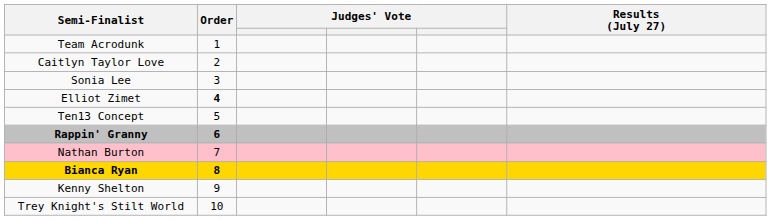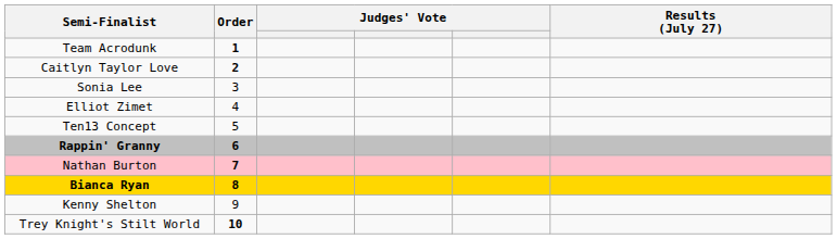 <table class="wikitable plainrowheaders sortable" style="text-align:center;">
 <tr>
 <th scope="col" rowspan="2" class="unsortable" style="width:17em;">Semi-Finalist</th>
 <th scope="col" rowspan="2" style="width:1em;">Order</th>
 <th scope="col" colspan="3" class="unsortable" style="width:24em;">Judges' Vote</th>
 <th scope="col" rowspan="2" style="width:23em;">Results <br> (July 27)</th>
 </tr>
 <tr>
 <th scope="col" class="unsortable" style="width:6em;"></th>
 <th scope="col" class="unsortable" style="width:6em;"></th>
 <th scope="col" class="unsortable" style="width:6em;"></th>
 </tr>
 <tr>
 <td>Team Acrodunk</td>
-<td>1</td>
+<td><strong>1</strong></td>
 <td style="text-align:center;"></td>
 <td style="text-align:center;"></td>
 <td style="text-align:center;"></td>
 <td></td>
 </tr>
 <tr>
 <td>Caitlyn Taylor Love</td>
-<td>2</td>
+<td><strong>2</strong></td>
 <td style="text-align:center;"></td>
 <td style="text-align:center;"></td>
 <td style="text-align:center;"></td>
 <td></td>
 </tr>
 <tr>
 <td>Sonia Lee</td>
 <td>3</td>
 <td style="text-align:center;"></td>
 <td style="text-align:center;"></td>
 <td style="text-align:center;"></td>
 <td></td>
 </tr>
 <tr>
 <td>Elliot Zimet</td>
-<td><strong>4</strong></td>
+<td>4</td>
 <td style="text-align:center;"></td>
 <td style="text-align:center;"></td>
 <td style="text-align:center;"></td>
 <td></td>
 </tr>
 <tr>
 <td>Ten13 Concept</td>
 <td>5</td>
 <td style="text-align:center;"></td>
 <td style="text-align:center;"></td>
 <td style="text-align:center;"></td>
 <td></td>
 </tr>
 <tr style="background:silver;">
 <td><strong>Rappin' Granny</strong></td>
 <td><strong>6</strong></td>
 <td style="text-align:center;"></td>
 <td style="text-align:center;"></td>
 <td style="text-align:center;"></td>
 <td><strong></strong></td>
 </tr>
 <tr style="background:pink;">
 <td>Nathan Burton</td>
-<td>7</td>
+<td><strong>7</strong></td>
 <td style="text-align:center;"></td>
 <td style="text-align:center;"></td>
 <td style="text-align:center;"></td>
 <td></td>
 </tr>
 <tr style="background:gold;">
 <td><strong>Bianca Ryan</strong></td>
 <td><strong>8</strong></td>
 <td style="text-align:center;"></td>
 <td style="text-align:center;"></td>
 <td style="text-align:center;"></td>
 <td><strong></strong></td>
 </tr>
 <tr>
 <td>Kenny Shelton</td>
 <td>9</td>
 <td style="text-align:center;"></td>
 <td style="text-align:center;"></td>
 <td style="text-align:center;"></td>
 <td></td>
 </tr>
 <tr>
 <td>Trey Knight's Stilt World</td>
-<td>10</td>
+<td><strong>10</strong></td>
 <td style="text-align:center;"></td>
 <td style="text-align:center;"></td>
 <td style="text-align:center;"></td>
 <td></td>
 </tr>
 </table>
